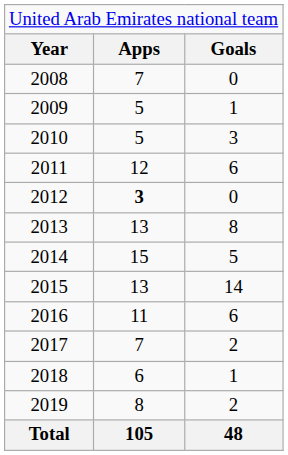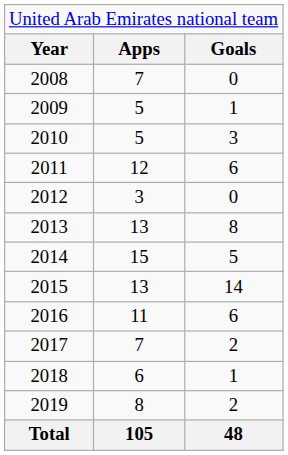 <table class="wikitable" style="text-align:center">
 <tr>
 <td colspan="3"><a href='#'>United Arab Emirates national team</a></td>
 </tr>
 <tr>
 <th>Year</th>
 <th>Apps</th>
 <th>Goals</th>
 </tr>
 <tr>
 <td>2008</td>
 <td>7</td>
 <td>0</td>
 </tr>
 <tr>
 <td>2009</td>
 <td>5</td>
 <td>1</td>
 </tr>
 <tr>
 <td>2010</td>
 <td>5</td>
 <td>3</td>
 </tr>
 <tr>
 <td>2011</td>
 <td>12</td>
 <td>6</td>
 </tr>
 <tr>
 <td>2012</td>
-<td><strong>3</strong></td>
+<td>3</td>
 <td>0</td>
 </tr>
 <tr>
 <td>2013</td>
 <td>13</td>
 <td>8</td>
 </tr>
 <tr>
 <td>2014</td>
 <td>15</td>
 <td>5</td>
 </tr>
 <tr>
 <td>2015</td>
 <td>13</td>
 <td>14</td>
 </tr>
 <tr>
 <td>2016</td>
 <td>11</td>
 <td>6</td>
 </tr>
 <tr>
 <td>2017</td>
 <td>7</td>
 <td>2</td>
 </tr>
 <tr>
 <td>2018</td>
 <td>6</td>
 <td>1</td>
 </tr>
 <tr>
 <td>2019</td>
 <td>8</td>
 <td>2</td>
 </tr>
 <tr>
 <th>Total</th>
 <th>105</th>
 <th>48</th>
 </tr>
 </table>
